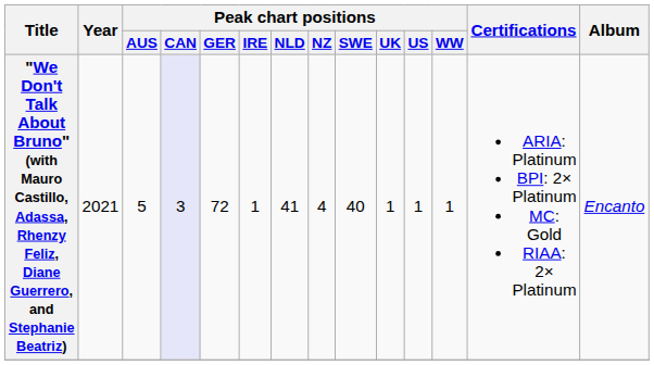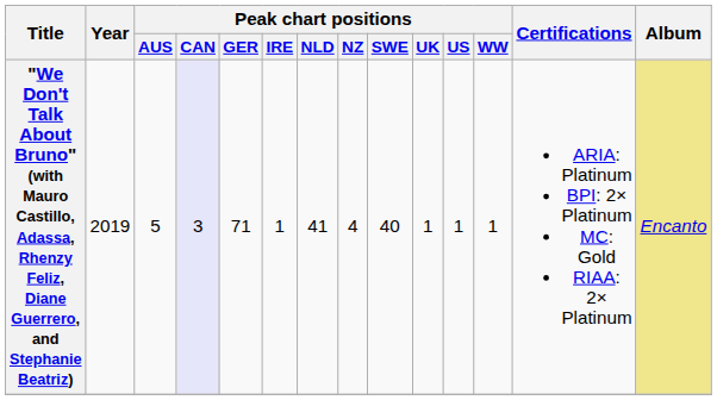 <table class="wikitable plainrowheaders" style="text-align:center;">
 <tr>
 <th scope="col" rowspan="2">Title</th>
 <th scope="col" rowspan="2">Year</th>
 <th scope="col" colspan="10">Peak chart positions</th>
 <th scope="col" rowspan="2"><a href='#'>Certifications</a></th>
 <th scope="col" rowspan="2">Album</th>
 </tr>
 <tr>
 <th scope="col" style="width:3em;font-size:90%;"><a href='#'>AUS</a><br></th>
 <th scope="col" style="width:3em;font-size:90%;"><a href='#'>CAN</a><br></th>
 <th scope="col" style="width:3em;font-size:90%;"><a href='#'>GER</a><br></th>
 <th scope="col" style="width:3em;font-size:90%;"><a href='#'>IRE</a><br></th>
 <th scope="col" style="width:3em;font-size:90%;"><a href='#'>NLD</a><br></th>
 <th scope="col" style="width:3em;font-size:90%;"><a href='#'>NZ</a><br></th>
 <th scope="col" style="width:3em;font-size:90%;"><a href='#'>SWE</a><br></th>
 <th scope="col" style="width:3em;font-size:90%;"><a href='#'>UK</a><br></th>
 <th scope="col" style="width:3em;font-size:90%;"><a href='#'>US</a><br></th>
 <th scope="col" style="width:3em;font-size:90%;"><a href='#'>WW</a><br></th>
 </tr>
 <tr>
 <th scope="row">"<a href='#'>We Don't Talk About Bruno</a>"<br><small>(with Mauro Castillo, <a href='#'>Adassa</a>, <a href='#'>Rhenzy Feliz</a>, <a href='#'>Diane Guerrero</a>, and <a href='#'>Stephanie Beatriz</a>)</small></th>
-<td>2021</td>
+<td>2019</td>
 <td>5<br></td>
 <td style="background: lavender;">3</td>
-<td>72</td>
+<td>71</td>
 <td>1</td>
 <td>41</td>
 <td>4<br></td>
 <td>40<br></td>
 <td>1</td>
 <td>1</td>
 <td>1</td>
 <td><br><ul><li><a href='#'>ARIA</a>: Platinum</li><li><a href='#'>BPI</a>: 2× Platinum</li><li><a href='#'>MC</a>: Gold</li><li><a href='#'>RIAA</a>: 2× Platinum</li></ul></td>
-<td><em><a href='#'>Encanto</a></em></td>
+<td style="background: khaki;"><em><a href='#'>Encanto</a></em></td>
 </tr>
 <tr>
 </tr>
 </table>
